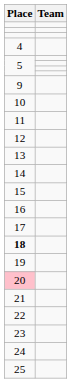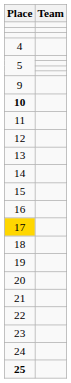 <table class="wikitable">
 <tr>
 <th>Place</th>
 <th>Team</th>
 </tr>
 <tr>
 <td align=center></td>
 <td></td>
 </tr>
 <tr>
 <td align=center></td>
 <td></td>
 </tr>
 <tr>
 <td align=center></td>
 <td></td>
 </tr>
 <tr>
 <td align=center>4</td>
 <td></td>
 </tr>
 <tr>
 <td align=center rowspan="4">5</td>
 <td></td>
 </tr>
 <tr>
 <td></td>
 </tr>
 <tr>
 <td></td>
 </tr>
 <tr>
 <td></td>
 </tr>
 <tr>
 <td align=center>9</td>
 <td></td>
 </tr>
 <tr>
-<td align=center>10</td>
+<td align=center><strong>10</strong></td>
 <td></td>
 </tr>
 <tr>
 <td align=center>11</td>
 <td></td>
 </tr>
 <tr>
 <td align=center>12</td>
 <td></td>
 </tr>
 <tr>
 <td align=center>13</td>
 <td></td>
 </tr>
 <tr>
 <td align=center>14</td>
 <td></td>
 </tr>
 <tr>
 <td align=center>15</td>
 <td></td>
 </tr>
 <tr>
 <td align=center>16</td>
 <td></td>
 </tr>
 <tr>
-<td align=center>17</td>
+<td align=center style="background: gold;">17</td>
 <td></td>
 </tr>
 <tr>
-<td align=center><strong>18</strong></td>
+<td align=center>18</td>
 <td></td>
 </tr>
 <tr>
 <td align=center>19</td>
 <td></td>
 </tr>
 <tr>
-<td align=center style="background: pink;">20</td>
+<td align=center>20</td>
 <td></td>
 </tr>
 <tr>
 <td align=center>21</td>
 <td></td>
 </tr>
 <tr>
 <td align=center>22</td>
 <td></td>
 </tr>
 <tr>
 <td align=center>23</td>
 <td></td>
 </tr>
 <tr>
 <td align=center>24</td>
 <td></td>
 </tr>
 <tr>
-<td align=center>25</td>
+<td align=center><strong>25</strong></td>
 <td></td>
 </tr>
 </table>
